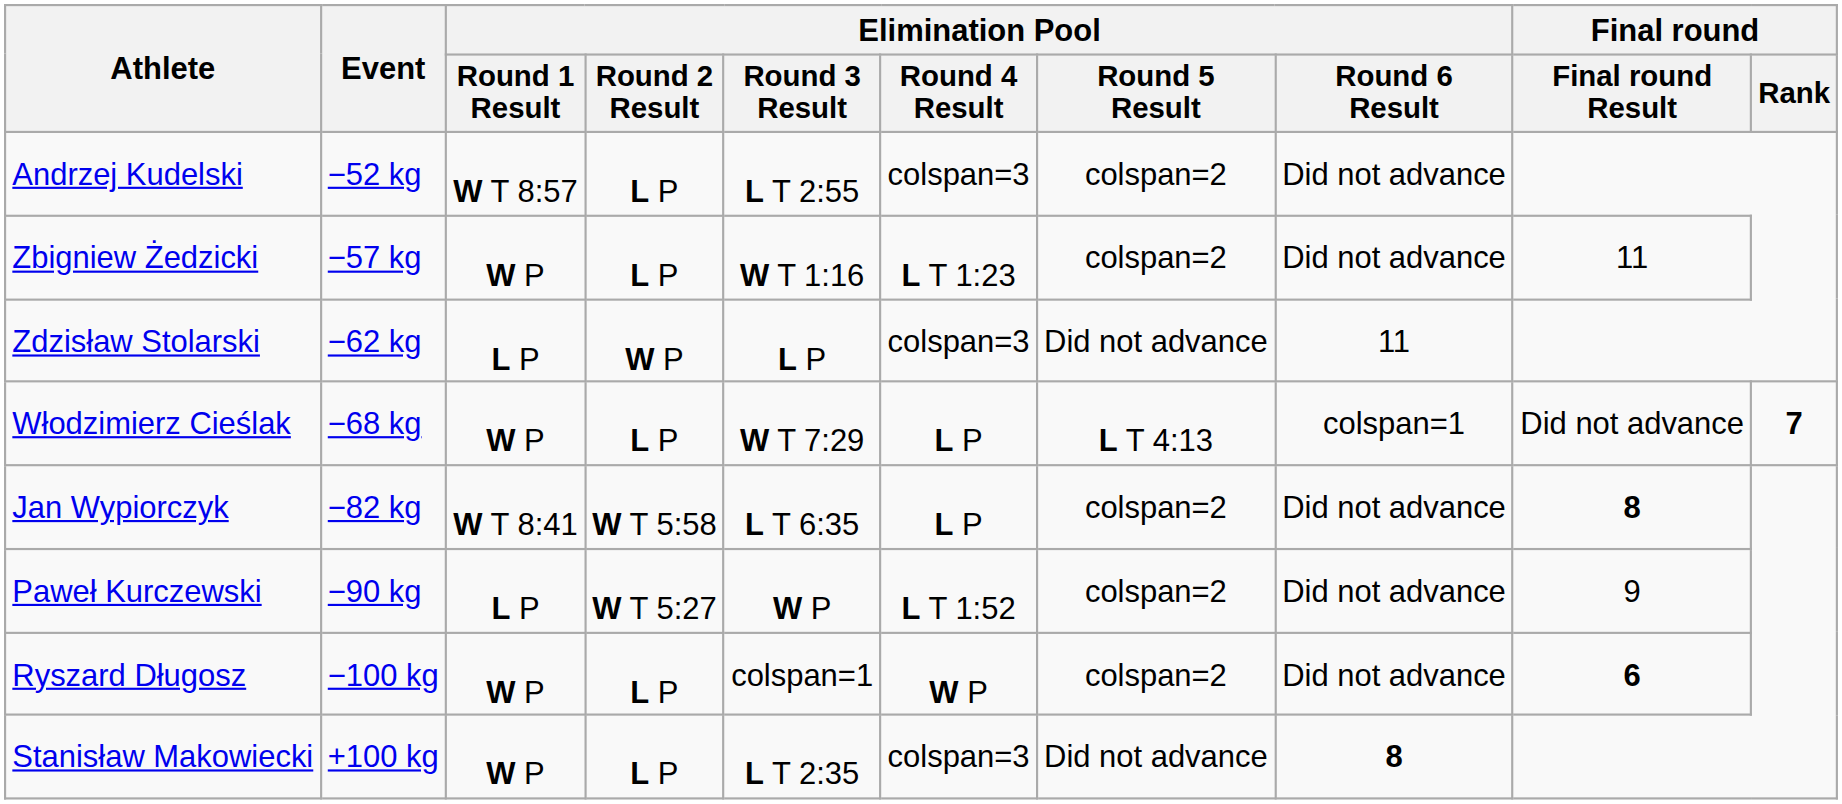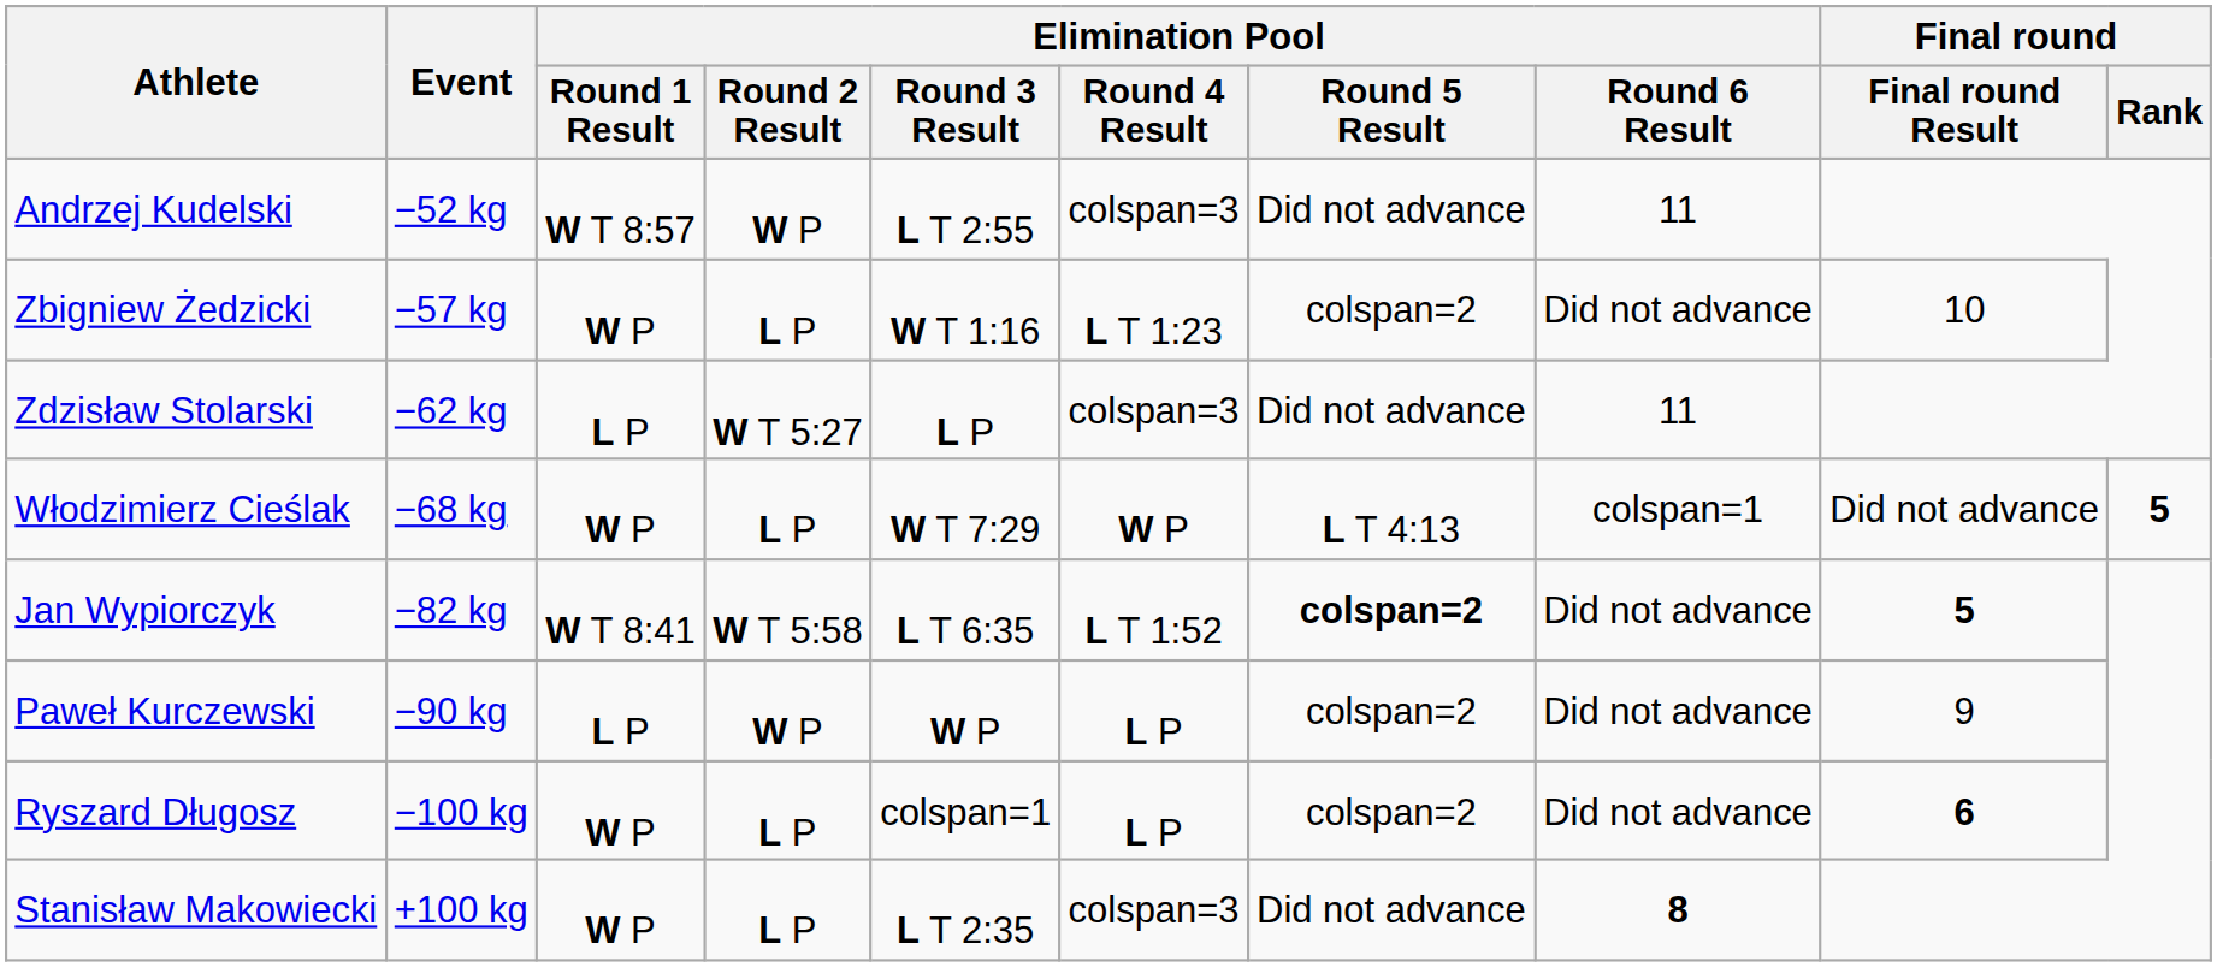 <table class="wikitable" style="font-size:90%">
 <tr>
 <th rowspan="2">Athlete</th>
 <th rowspan="2">Event</th>
 <th colspan=6>Elimination Pool</th>
 <th colspan=2>Final round</th>
 </tr>
 <tr style="font-size: 95%">
 <th>Round 1<br>Result</th>
 <th>Round 2<br>Result</th>
 <th>Round 3<br>Result</th>
 <th>Round 4<br>Result</th>
 <th>Round 5<br>Result</th>
 <th>Round 6<br>Result</th>
 <th>Final round<br>Result</th>
 <th>Rank</th>
 </tr>
 <tr align=center>
 <td align=left><a href='#'>Andrzej Kudelski</a></td>
 <td align=left><a href='#'>−52 kg</a></td>
 <td><br><strong>W</strong> T 8:57</td>
-<td><br><strong>L</strong> P</td>
+<td><br><strong>W</strong> P</td>
 <td><br><strong>L</strong> T 2:55</td>
 <td>colspan=3 </td>
-<td>colspan=2 </td>
 <td>Did not advance</td>
+<td>11</td>
 </tr>
 <tr align=center>
 <td align=left><a href='#'>Zbigniew Żedzicki</a></td>
 <td align=left><a href='#'>−57 kg</a></td>
 <td><br><strong>W</strong> P</td>
 <td><br><strong>L</strong> P</td>
 <td><br><strong>W</strong> T 1:16</td>
 <td><br><strong>L</strong> T 1:23</td>
 <td>colspan=2 </td>
 <td>Did not advance</td>
-<td>11</td>
+<td>10</td>
 </tr>
 <tr align=center>
 <td align=left><a href='#'>Zdzisław Stolarski</a></td>
 <td align=left><a href='#'>−62 kg</a></td>
 <td><br><strong>L</strong> P</td>
-<td><br><strong>W</strong> P</td>
+<td><br><strong>W</strong> T 5:27</td>
 <td><br><strong>L</strong> P</td>
 <td>colspan=3 </td>
 <td>Did not advance</td>
 <td>11</td>
 </tr>
 <tr align=center>
 <td align=left><a href='#'>Włodzimierz Cieślak</a></td>
 <td align=left><a href='#'>−68 kg</a></td>
 <td><br><strong>W</strong> P</td>
 <td><br><strong>L</strong> P</td>
 <td><br><strong>W</strong> T 7:29</td>
-<td><br><strong>L</strong> P</td>
+<td><br><strong>W</strong> P</td>
 <td><br><strong>L</strong> T 4:13</td>
 <td>colspan=1 </td>
 <td>Did not advance</td>
-<td><strong>7</strong></td>
+<td><strong>5</strong></td>
 </tr>
 <tr align=center>
 <td align=left><a href='#'>Jan Wypiorczyk</a></td>
 <td align=left><a href='#'>−82 kg</a></td>
 <td><br><strong>W</strong> T 8:41</td>
 <td><br><strong>W</strong> T 5:58</td>
 <td><br><strong>L</strong> T 6:35</td>
-<td><br><strong>L</strong> P</td>
-<td>colspan=2 </td>
+<td><br><strong>L</strong> T 1:52</td>
+<td><strong>colspan=2 </strong></td>
 <td>Did not advance</td>
-<td><strong>8</strong></td>
+<td><strong>5</strong></td>
 </tr>
 <tr align=center>
 <td align=left><a href='#'>Paweł Kurczewski</a></td>
 <td align=left><a href='#'>−90 kg</a></td>
 <td><br><strong>L</strong> P</td>
-<td><br><strong>W</strong> T 5:27</td>
 <td><br><strong>W</strong> P</td>
-<td><br><strong>L</strong> T 1:52</td>
+<td><br><strong>W</strong> P</td>
+<td><br><strong>L</strong> P</td>
 <td>colspan=2 </td>
 <td>Did not advance</td>
 <td>9</td>
 </tr>
 <tr align=center>
 <td align=left><a href='#'>Ryszard Długosz</a></td>
 <td align=left><a href='#'>−100 kg</a></td>
 <td><br><strong>W</strong> P</td>
 <td><br><strong>L</strong> P</td>
 <td>colspan=1 </td>
-<td><br><strong>W</strong> P</td>
+<td><br><strong>L</strong> P</td>
 <td>colspan=2 </td>
 <td>Did not advance</td>
 <td><strong>6</strong></td>
 </tr>
 <tr align=center>
 <td align=left><a href='#'>Stanisław Makowiecki</a></td>
 <td align=left><a href='#'>+100 kg</a></td>
 <td><br><strong>W</strong> P</td>
 <td><br><strong>L</strong> P</td>
 <td><br><strong>L</strong> T 2:35</td>
 <td>colspan=3 </td>
 <td>Did not advance</td>
 <td><strong>8</strong></td>
 </tr>
 </table>
